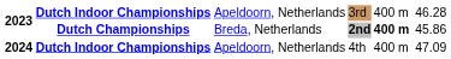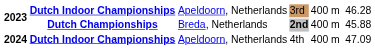 <table>
 <tr>
 <th scope="rowgroup" rowspan="2">2023</th>
 <th scope="row"><a href='#'>Dutch Indoor Championships</a></th>
 <td><a href='#'>Apeldoorn</a>, Netherlands</td>
 <td bgcolor=cc9966>3rd</td>
 <td>400 m </td>
 <td>46.28 </td>
 <td></td>
 </tr>
 <tr>
 <th scope="row"><a href='#'>Dutch Championships</a></th>
 <td><a href='#'>Breda</a>, Netherlands</td>
 <td bgcolor=silver><strong>2nd</strong></td>
-<td><strong>400 m</strong></td>
-<td>45.86</td>
+<td>400 m</td>
+<td>45.88</td>
 <td></td>
 </tr>
 <tr>
 <th scope="row">2024</th>
 <th scope="row"><a href='#'>Dutch Indoor Championships</a></th>
 <td><a href='#'>Apeldoorn</a>, Netherlands</td>
 <td>4th</td>
 <td>400 m </td>
 <td>47.09 </td>
 <td></td>
 </tr>
 </table>
